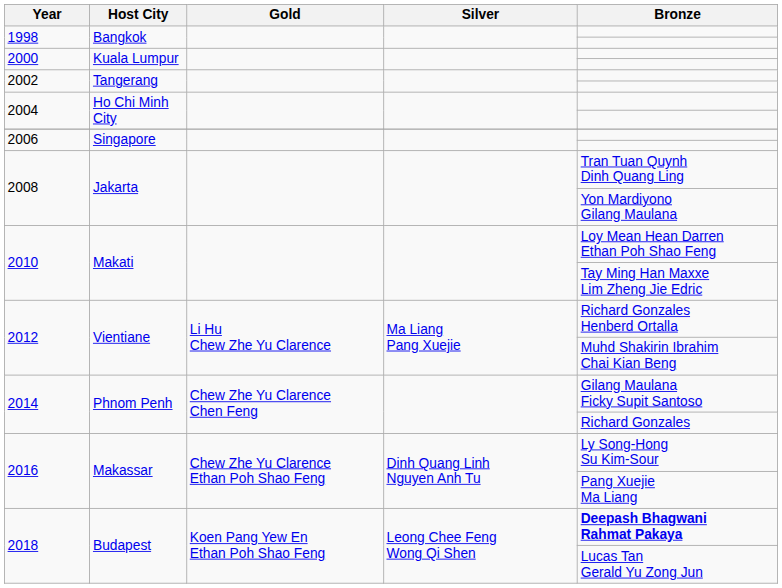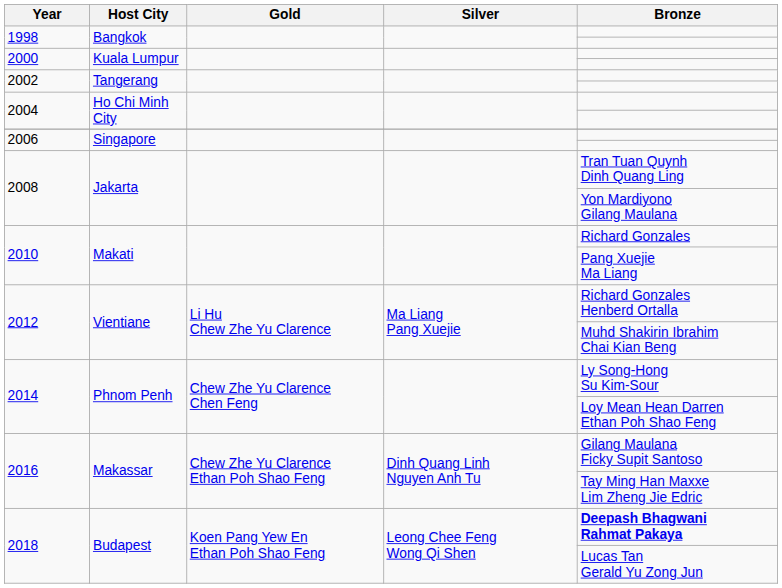 <table class="wikitable sortable" style="width:900px;">
 <tr>
 <th width="120">Year</th>
 <th width="120">Host City</th>
 <th width="300">Gold</th>
 <th width="300">Silver</th>
 <th width="300">Bronze</th>
 </tr>
 <tr>
 <td rowspan=2><a href='#'>1998</a></td>
 <td rowspan=2><a href='#'>Bangkok</a></td>
 <td rowspan=2></td>
 <td rowspan=2></td>
 <td></td>
 </tr>
 <tr>
 <td></td>
 </tr>
 <tr>
 <td rowspan=2><a href='#'>2000</a></td>
 <td rowspan=2><a href='#'>Kuala Lumpur</a></td>
 <td rowspan=2></td>
 <td rowspan=2></td>
 <td></td>
 </tr>
 <tr>
 <td></td>
 </tr>
 <tr>
 <td rowspan=2>2002</td>
 <td rowspan=2><a href='#'>Tangerang</a></td>
 <td rowspan=2></td>
 <td rowspan=2></td>
 <td></td>
 </tr>
 <tr>
 <td></td>
 </tr>
 <tr>
 <td rowspan=2>2004</td>
 <td rowspan=2><a href='#'>Ho Chi Minh City</a></td>
 <td rowspan=2></td>
 <td rowspan=2></td>
 <td></td>
 </tr>
 <tr>
 <td></td>
 </tr>
 <tr>
 </tr>
 <tr>
 <td rowspan=2>2006</td>
 <td rowspan=2><a href='#'>Singapore</a></td>
 <td rowspan=2></td>
 <td rowspan=2></td>
 <td></td>
 </tr>
 <tr>
 <td></td>
 </tr>
 <tr>
 <td rowspan=2>2008</td>
 <td rowspan=2><a href='#'>Jakarta</a></td>
 <td rowspan=2></td>
 <td rowspan=2></td>
 <td> <a href='#'>Tran Tuan Quynh</a><br> <a href='#'>Dinh Quang Ling</a></td>
 </tr>
 <tr>
 <td> <a href='#'>Yon Mardiyono</a><br> <a href='#'>Gilang Maulana</a></td>
 </tr>
 <tr>
 <td rowspan=2><a href='#'>2010</a></td>
 <td rowspan=2><a href='#'>Makati</a></td>
 <td rowspan=2></td>
 <td rowspan=2></td>
-<td> <a href='#'>Loy Mean Hean Darren</a><br> <a href='#'>Ethan Poh Shao Feng</a></td>
+<td> <a href='#'>Richard Gonzales</a><br></td>
 </tr>
 <tr>
-<td> <a href='#'>Tay Ming Han Maxxe</a><br> <a href='#'>Lim Zheng Jie Edric</a></td>
+<td> <a href='#'>Pang Xuejie</a><br> <a href='#'>Ma Liang</a></td>
 </tr>
 <tr>
 <td rowspan=2><a href='#'>2012</a></td>
 <td rowspan=2><a href='#'>Vientiane</a></td>
 <td rowspan=2> <a href='#'>Li Hu</a><br> <a href='#'>Chew Zhe Yu Clarence</a></td>
 <td rowspan=2> <a href='#'>Ma Liang</a><br> <a href='#'>Pang Xuejie</a></td>
 <td> <a href='#'>Richard Gonzales</a><br> <a href='#'>Henberd Ortalla</a></td>
 </tr>
 <tr>
 <td> <a href='#'>Muhd Shakirin Ibrahim</a><br> <a href='#'>Chai Kian Beng</a></td>
 </tr>
 <tr>
 <td rowspan=2><a href='#'>2014</a></td>
 <td rowspan=2><a href='#'>Phnom Penh</a></td>
 <td rowspan=2> <a href='#'>Chew Zhe Yu Clarence</a><br> <a href='#'>Chen Feng</a></td>
 <td rowspan=2></td>
-<td> <a href='#'>Gilang Maulana</a><br> <a href='#'>Ficky Supit Santoso</a></td>
+<td> <a href='#'>Ly Song-Hong</a><br> <a href='#'>Su Kim-Sour</a></td>
 </tr>
 <tr>
-<td> <a href='#'>Richard Gonzales</a><br></td>
+<td> <a href='#'>Loy Mean Hean Darren</a><br> <a href='#'>Ethan Poh Shao Feng</a></td>
 </tr>
 <tr>
 <td rowspan=2><a href='#'>2016</a></td>
 <td rowspan=2><a href='#'>Makassar</a></td>
 <td rowspan=2> <a href='#'>Chew Zhe Yu Clarence</a><br> <a href='#'>Ethan Poh Shao Feng</a></td>
 <td rowspan=2> <a href='#'>Dinh Quang Linh</a><br> <a href='#'>Nguyen Anh Tu</a></td>
-<td> <a href='#'>Ly Song-Hong</a><br> <a href='#'>Su Kim-Sour</a></td>
+<td> <a href='#'>Gilang Maulana</a><br> <a href='#'>Ficky Supit Santoso</a></td>
 </tr>
 <tr>
-<td> <a href='#'>Pang Xuejie</a><br> <a href='#'>Ma Liang</a></td>
+<td> <a href='#'>Tay Ming Han Maxxe</a><br> <a href='#'>Lim Zheng Jie Edric</a></td>
 </tr>
 <tr>
 <td rowspan=2><a href='#'>2018</a></td>
 <td rowspan=2><a href='#'>Budapest</a></td>
 <td rowspan=2> <a href='#'>Koen Pang Yew En</a><br> <a href='#'>Ethan Poh Shao Feng</a></td>
 <td rowspan=2> <a href='#'>Leong Chee Feng</a><br> <a href='#'>Wong Qi Shen</a></td>
 <td><strong> <a href='#'>Deepash Bhagwani</a><br> <a href='#'>Rahmat Pakaya</a></strong></td>
 </tr>
 <tr>
 <td> <a href='#'>Lucas Tan</a><br> <a href='#'>Gerald Yu Zong Jun</a></td>
 </tr>
 </table>
